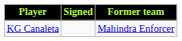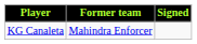 <table class="wikitable sortable sortable" style="text-align: center">
 <tr>
 <th style="background:#000000; color:#ADFF2F; ">Player</th>
+<th style="background:#000000; color:#ADFF2F; ">Former team</th>
 <th style="background:#000000; color:#ADFF2F; ">Signed</th>
-<th style="background:#000000; color:#ADFF2F; ">Former team</th>
 </tr>
 <tr style="text-align: center">
 <td><a href='#'>KG Canaleta</a></td>
+<td><a href='#'>Mahindra Enforcer</a></td>
 <td></td>
-<td><a href='#'>Mahindra Enforcer</a></td>
 </tr>
 </table>
